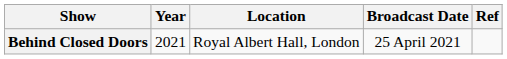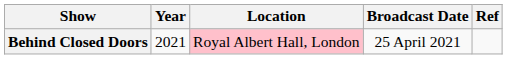 <table class="wikitable plainrowheaders" style="text-align:center;">
 <tr>
 <th scope="col">Show</th>
 <th scope="col">Year</th>
 <th scope="col">Location</th>
 <th scope="col">Broadcast Date</th>
 <th scope="col">Ref</th>
 </tr>
 <tr>
 <th scope="row">Behind Closed Doors</th>
 <td rowspan="2">2021</td>
-<td>Royal Albert Hall, London</td>
+<td style="background: pink;">Royal Albert Hall, London</td>
 <td rowspan="2">25 April 2021</td>
 <td></td>
 </tr>
 </table>
